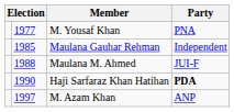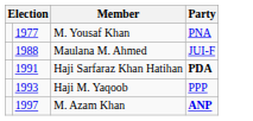 <table class="wikitable">
 <tr>
 <th colspan="2">Election</th>
 <th>Member</th>
 <th>Party</th>
 </tr>
 <tr>
 <td style="background-color: "></td>
 <td><a href='#'>1977</a></td>
 <td>M. Yousaf Khan</td>
 <td><a href='#'>PNA</a></td>
 </tr>
 <tr>
 <td style="background-color: "></td>
-<td><a href='#'>1985</a></td>
-<td><a href='#'>Maulana Gauhar Rehman</a></td>
-<td><a href='#'>Independent</a></td>
-</tr>
-<tr>
-<td style="background-color: "></td>
 <td><a href='#'>1988</a></td>
 <td>Maulana M. Ahmed</td>
 <td><a href='#'>JUI-F</a></td>
 </tr>
 <tr>
 <td style="background-color: "></td>
-<td><a href='#'>1990</a></td>
+<td><a href='#'>1991</a></td>
 <td>Haji Sarfaraz Khan Hatihan</td>
 <td><strong>PDA</strong></td>
 </tr>
 <tr>
 <td style="background-color: "></td>
+<td><a href='#'>1993</a></td>
+<td>Haji M. Yaqoob</td>
+<td><a href='#'>PPP</a></td>
+</tr>
+<tr>
+<td style="background-color: "></td>
 <td><a href='#'>1997</a></td>
 <td>M. Azam Khan</td>
-<td><a href='#'>ANP</a></td>
+<td><strong><a href='#'>ANP</a></strong></td>
 </tr>
 </table>
